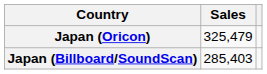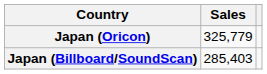 <table class="wikitable plainrowheaders">
 <tr>
 <th>Country</th>
 <th>Sales</th>
 <th></th>
 </tr>
 <tr>
 <th scope="row">Japan (<a href='#'>Oricon</a>)</th>
-<td>325,479 </td>
+<td>325,779 </td>
 <td></td>
 </tr>
 <tr>
 <th scope="row">Japan (<a href='#'>Billboard</a>/<a href='#'>SoundScan</a>)</th>
 <td>285,403 </td>
 <td><br>     </td>
 </tr>
 </table>
